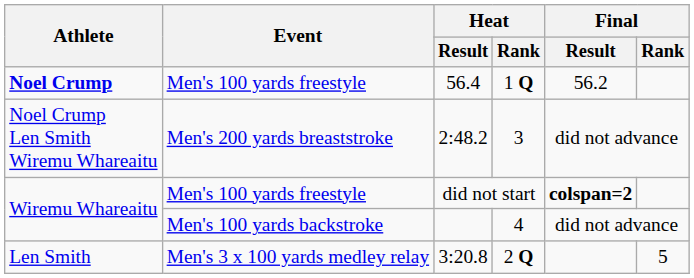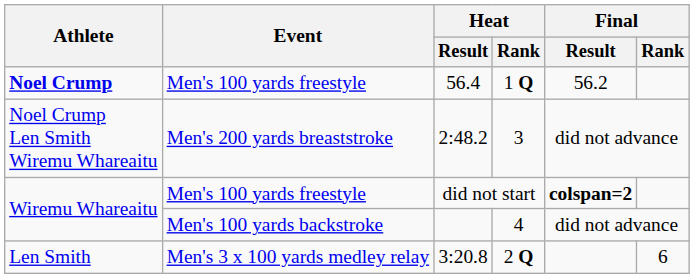 <table class=wikitable style=font-size:90%>
 <tr>
 <th rowspan=2>Athlete</th>
 <th rowspan=2>Event</th>
 <th colspan=2>Heat</th>
 <th colspan=2>Final</th>
 </tr>
 <tr style=font-size:95%>
 <th>Result</th>
 <th>Rank</th>
 <th>Result</th>
 <th>Rank</th>
 </tr>
 <tr align=center>
 <td align=left><strong><a href='#'>Noel Crump</a></strong></td>
 <td align=left><a href='#'>Men's 100 yards freestyle</a></td>
 <td>56.4</td>
 <td>1 <strong>Q</strong></td>
 <td>56.2</td>
 <td></td>
 </tr>
 <tr align=center>
 <td align=left><a href='#'>Noel Crump</a><br><a href='#'>Len Smith</a><br><a href='#'>Wiremu Whareaitu</a></td>
 <td align=left><a href='#'>Men's 200 yards breaststroke</a></td>
 <td>2:48.2</td>
 <td>3</td>
 <td colspan=2>did not advance</td>
 </tr>
 <tr align=center>
 <td align=left rowspan=2><a href='#'>Wiremu Whareaitu</a></td>
 <td align=left><a href='#'>Men's 100 yards freestyle</a></td>
 <td colspan=2>did not start</td>
 <td><strong>colspan=2 </strong></td>
 </tr>
 <tr align=center>
 <td align=left><a href='#'>Men's 100 yards backstroke</a></td>
 <td></td>
 <td>4</td>
 <td colspan=2>did not advance</td>
 </tr>
 <tr align=center>
 <td align=left><a href='#'>Len Smith</a></td>
 <td align=left><a href='#'>Men's 3 x 100 yards medley relay</a></td>
 <td>3:20.8</td>
 <td>2 <strong>Q</strong></td>
 <td></td>
-<td>5</td>
+<td>6</td>
 </tr>
 </table>
